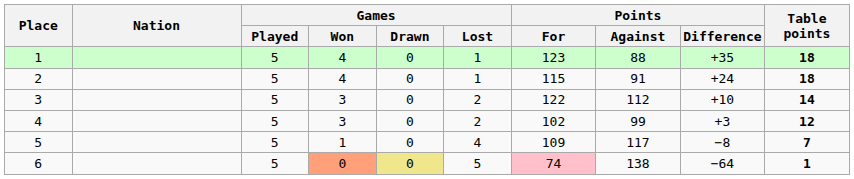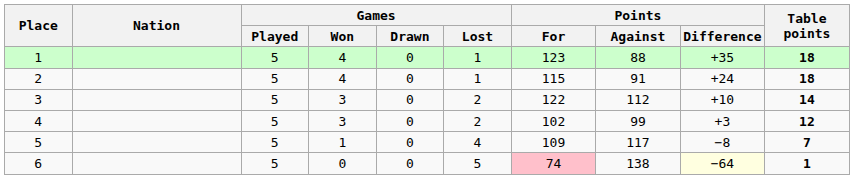 <table class="wikitable" style="text-align:center">
 <tr>
 <th rowspan=2 width="8%">Place</th>
 <th rowspan=2 width="20%">Nation</th>
 <th colspan=4 width="32%">Games</th>
 <th colspan=3 width="30%">Points</th>
 <th rowspan=2 width="10%">Table<br>points</th>
 </tr>
 <tr>
 <th width="8%">Played</th>
 <th width="8%">Won</th>
 <th width="8%">Drawn</th>
 <th width="8%">Lost</th>
 <th width="10%">For</th>
 <th width="10%">Against</th>
 <th width="10%">Difference</th>
 </tr>
 <tr bgcolor="#ccffcc">
 <td>1</td>
 <td align=left></td>
 <td>5</td>
 <td>4</td>
 <td>0</td>
 <td>1</td>
 <td>123</td>
 <td>88</td>
 <td>+35</td>
 <td><strong>18</strong></td>
 </tr>
 <tr>
 <td>2</td>
 <td align=left></td>
 <td>5</td>
 <td>4</td>
 <td>0</td>
 <td>1</td>
 <td>115</td>
 <td>91</td>
 <td>+24</td>
 <td><strong>18</strong></td>
 </tr>
 <tr>
 <td>3</td>
 <td align=left></td>
 <td>5</td>
 <td>3</td>
 <td>0</td>
 <td>2</td>
 <td>122</td>
 <td>112</td>
 <td>+10</td>
 <td><strong>14</strong></td>
 </tr>
 <tr>
 <td>4</td>
 <td align=left></td>
 <td>5</td>
 <td>3</td>
 <td>0</td>
 <td>2</td>
 <td>102</td>
 <td>99</td>
 <td>+3</td>
 <td><strong>12</strong></td>
 </tr>
 <tr>
 <td>5</td>
 <td align=left></td>
 <td>5</td>
 <td>1</td>
 <td>0</td>
 <td>4</td>
 <td>109</td>
 <td>117</td>
 <td>−8</td>
 <td><strong>7</strong></td>
 </tr>
 <tr>
 <td>6</td>
 <td align=left></td>
 <td>5</td>
-<td style="background: lightsalmon;">0</td>
-<td style="background: khaki;">0</td>
+<td>0</td>
+<td>0</td>
 <td>5</td>
 <td style="background: pink;">74</td>
 <td>138</td>
-<td>−64</td>
+<td style="background: lightyellow;">−64</td>
 <td><strong>1</strong></td>
 </tr>
 </table>
